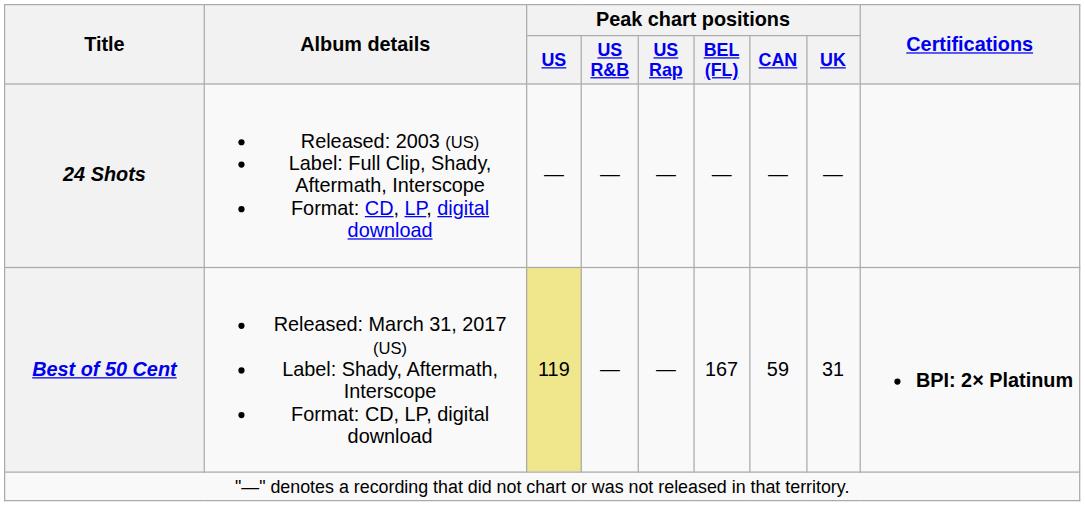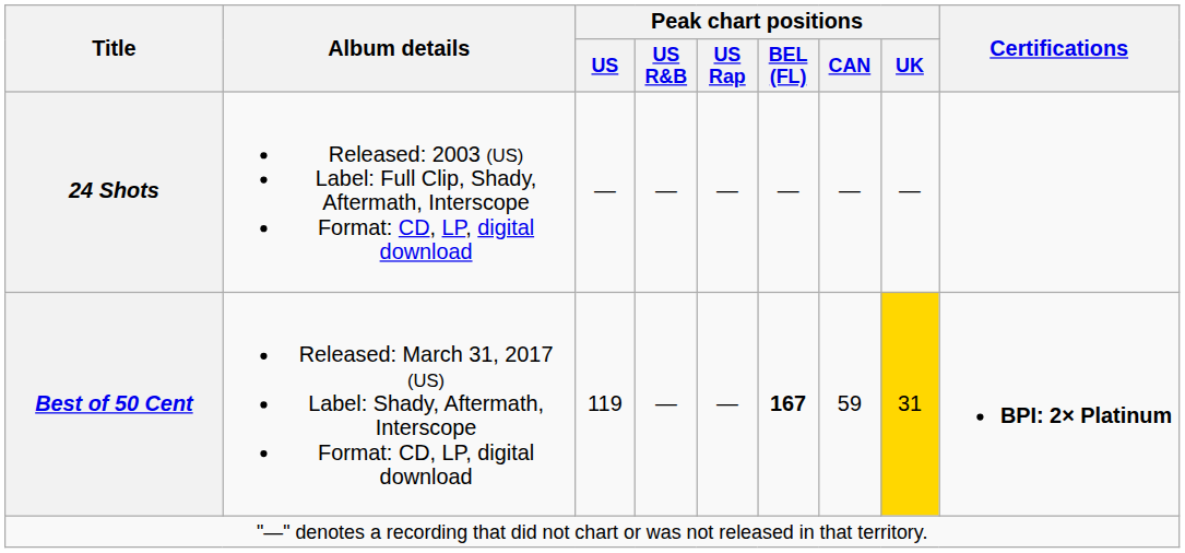 <table class="wikitable plainrowheaders" style="text-align:center;">
 <tr>
 <th scope="col" rowspan="2" style="width:12em;">Title</th>
 <th scope="col" rowspan="2" style="width:18em;">Album details</th>
 <th scope="col" colspan="6">Peak chart positions</th>
 <th scope="col" rowspan="2" style="width:12em;"><a href='#'>Certifications</a></th>
 </tr>
 <tr>
 <th scope="col" style="width:2.9em;font-size:90%;"><a href='#'>US</a><br></th>
 <th scope="col" style="width:2.9em;font-size:90%;"><a href='#'>US<br>R&B</a><br></th>
 <th scope="col" style="width:2.9em;font-size:90%;"><a href='#'>US<br>Rap</a><br></th>
 <th scope="col" style="width:2.9em;font-size:90%;"><a href='#'>BEL<br>(FL)</a><br></th>
 <th scope="col" style="width:2.9em;font-size:90%;"><a href='#'>CAN</a><br></th>
 <th scope="col" style="width:2.9em;font-size:90%;"><a href='#'>UK</a><br></th>
 </tr>
 <tr>
 <th scope="row"><em>24 Shots</em></th>
 <td><br><ul><li>Released: 2003 <small>(US)</small></li><li>Label: Full Clip, Shady, Aftermath, Interscope</li><li>Format: <a href='#'>CD</a>, <a href='#'>LP</a>, <a href='#'>digital download</a></li></ul></td>
 <td>—</td>
 <td>—</td>
 <td>—</td>
 <td>—</td>
 <td>—</td>
 <td>—</td>
 <td></td>
 </tr>
 <tr>
 <th scope="row"><em><a href='#'>Best of 50 Cent</a></em></th>
 <td><br><ul><li>Released: March 31, 2017 <small>(US)</small></li><li>Label: Shady, Aftermath, Interscope</li><li>Format: CD, LP, digital download</li></ul></td>
-<td style="background: khaki;">119</td>
+<td>119</td>
 <td>—</td>
 <td>—</td>
-<td>167</td>
+<td><strong>167</strong></td>
 <td>59</td>
-<td>31</td>
+<td style="background: gold;">31</td>
 <td><strong><br><ul><li>BPI: 2× Platinum</li></ul></strong></td>
 </tr>
 <tr>
 <td colspan="15" style="font-size:90%">"—" denotes a recording that did not chart or was not released in that territory.</td>
 </tr>
 </table>
